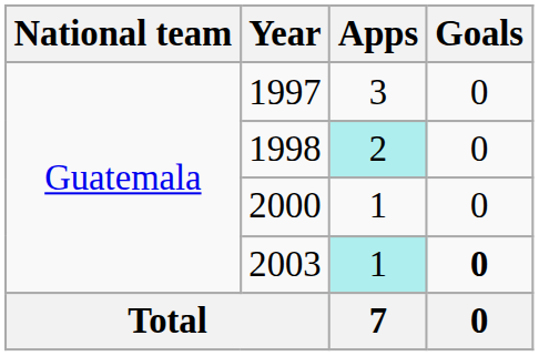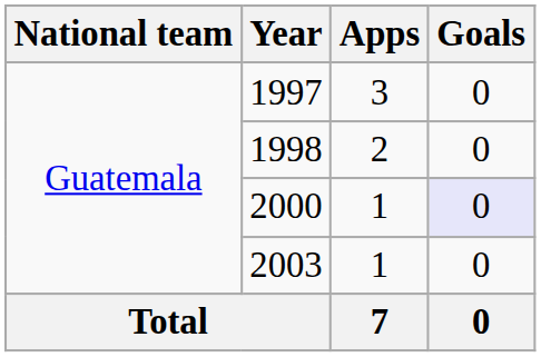 <table class="wikitable" style="text-align:center">
 <tr>
 <th>National team</th>
 <th>Year</th>
 <th>Apps</th>
 <th>Goals</th>
 </tr>
 <tr>
 <td rowspan="4"><a href='#'>Guatemala</a></td>
 <td>1997</td>
 <td>3</td>
 <td>0</td>
 </tr>
 <tr>
 <td>1998</td>
-<td style="background: paleturquoise;">2</td>
+<td>2</td>
 <td>0</td>
 </tr>
 <tr>
 <td>2000</td>
 <td>1</td>
-<td>0</td>
+<td style="background: lavender;">0</td>
 </tr>
 <tr>
 <td>2003</td>
-<td style="background: paleturquoise;">1</td>
-<td><strong>0</strong></td>
+<td>1</td>
+<td>0</td>
 </tr>
 <tr>
 <th colspan=2>Total</th>
 <th>7</th>
 <th>0</th>
 </tr>
 </table>
